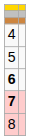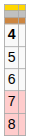 <table class="wikitable">
 <tr style="background:gold;">
 <td align=center></td>
 <td></td>
 </tr>
 <tr style="background:silver;">
 <td align=center></td>
 <td></td>
 </tr>
 <tr style="background:peru;">
 <td align=center></td>
 <td></td>
 </tr>
 <tr>
-<td align=center>4</td>
+<td align=center><strong>4</strong></td>
 <td></td>
 </tr>
 <tr>
 <td align=center>5</td>
 <td></td>
 </tr>
 <tr>
-<td align=center><strong>6</strong></td>
+<td align=center>6</td>
 <td></td>
 </tr>
 <tr style="background:#fcc;">
-<td align=center><strong>7</strong></td>
+<td align=center>7</td>
 <td></td>
 </tr>
 <tr style="background:#fcc;">
 <td align=center>8</td>
 <td></td>
 </tr>
 </table>
